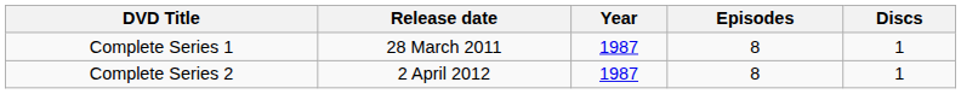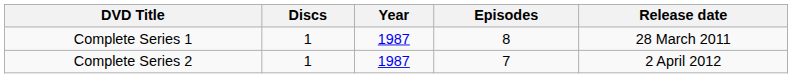 <table class="wikitable" width="55%" style="left: 0 auto; text-align: center;">
 <tr>
 <th>DVD Title</th>
-<th>Release date</th>
+<th>Discs</th>
 <th>Year</th>
 <th>Episodes</th>
-<th>Discs</th>
+<th>Release date</th>
 </tr>
 <tr>
 <td>Complete Series 1</td>
-<td>28 March 2011</td>
+<td>1</td>
 <td><a href='#'>1987</a></td>
 <td>8</td>
-<td>1</td>
+<td>28 March 2011</td>
 </tr>
 <tr>
 <td>Complete Series 2</td>
+<td>1</td>
+<td><a href='#'>1987</a></td>
+<td>7</td>
 <td>2 April 2012</td>
-<td><a href='#'>1987</a></td>
-<td>8</td>
-<td>1</td>
 </tr>
 </table>
